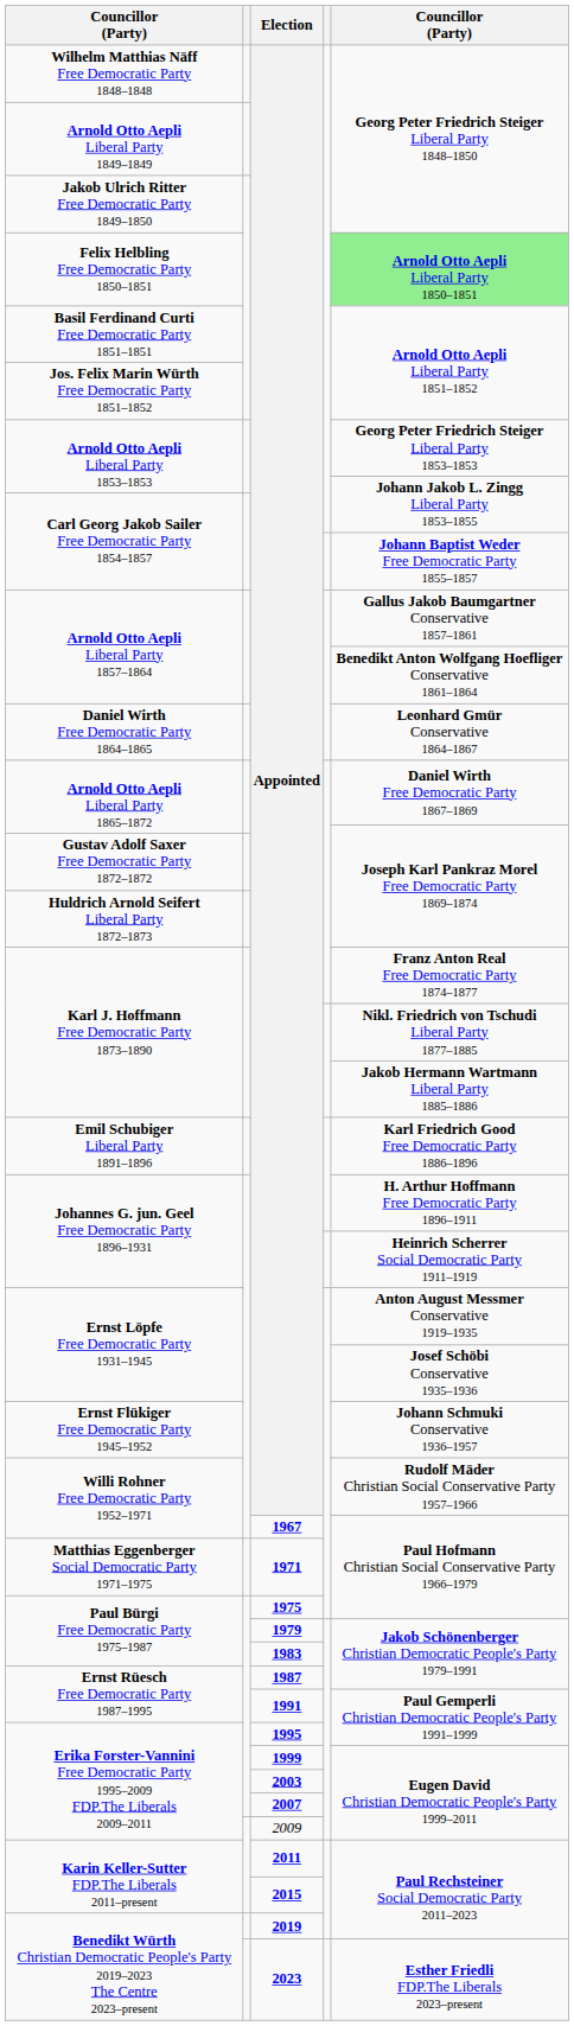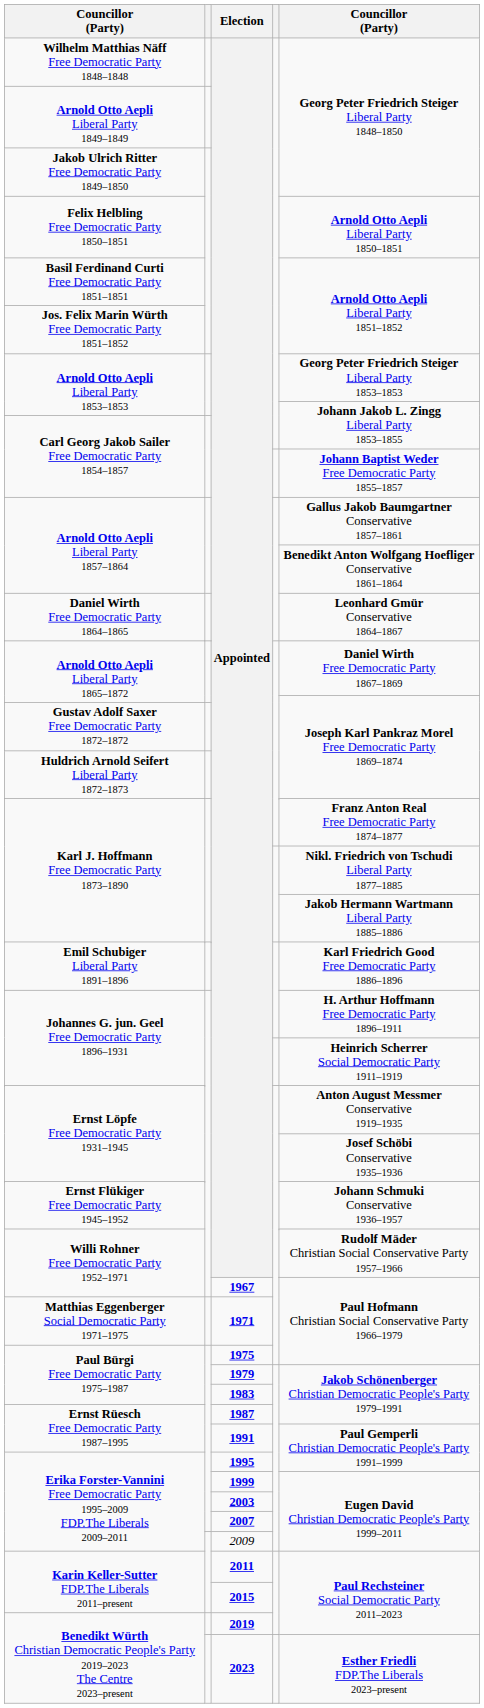 <table class="wikitable" style="text-align:center">
 <tr>
 <th scope="col" width="250" colspan = "1">Councillor<br> (Party)</th>
 <th></th>
 <th>Election</th>
 <th></th>
 <th scope="col" width="250" colspan = "1">Councillor<br> (Party)</th>
 </tr>
 <tr>
 <td rowspan=1><strong>Wilhelm Matthias Näff</strong><br><a href='#'>Free Democratic Party</a><br><small>1848–1848</small></td>
 <td rowspan=1; style="background-color: "></td>
 <th rowspan=34>Appointed</th>
 <td rowspan=9; style="background-color: "></td>
 <td rowspan=3><strong>Georg Peter Friedrich Steiger</strong><br><a href='#'>Liberal Party</a><br><small>1848–1850</small></td>
 </tr>
 <tr>
 <td rowspan=1><br><strong><a href='#'>Arnold Otto Aepli</a></strong><br><a href='#'>Liberal Party</a><br><small>1849–1849</small></td>
 <td rowspan=1; style="background-color: "></td>
 </tr>
 <tr>
 <td rowspan=1><strong>Jakob Ulrich Ritter</strong><br><a href='#'>Free Democratic Party</a><br><small>1849–1850</small></td>
 <td rowspan=4; style="background-color: "></td>
 </tr>
 <tr>
 <td rowspan=1><strong>Felix Helbling</strong><br><a href='#'>Free Democratic Party</a><br><small>1850–1851</small></td>
-<td rowspan=1 style="background: lightgreen;"><br><strong><a href='#'>Arnold Otto Aepli</a></strong><br><a href='#'>Liberal Party</a><br><small>1850–1851</small></td>
+<td rowspan=1><br><strong><a href='#'>Arnold Otto Aepli</a></strong><br><a href='#'>Liberal Party</a><br><small>1850–1851</small></td>
 </tr>
 <tr>
 <td rowspan=1><strong>Basil Ferdinand Curti</strong><br><a href='#'>Free Democratic Party</a><br><small>1851–1851</small></td>
 <td rowspan=2><br><strong><a href='#'>Arnold Otto Aepli</a></strong><br><a href='#'>Liberal Party</a><br><small>1851–1852</small></td>
 </tr>
 <tr>
 <td rowspan=1><strong>Jos. Felix Marin Würth</strong><br><a href='#'>Free Democratic Party</a><br><small>1851–1852</small></td>
 </tr>
 <tr>
 <td rowspan=2><br><strong><a href='#'>Arnold Otto Aepli</a></strong><br><a href='#'>Liberal Party</a><br><small>1853–1853</small></td>
 <td rowspan=2; style="background-color: "></td>
 <td rowspan=1><strong>Georg Peter Friedrich Steiger</strong><br><a href='#'>Liberal Party</a><br><small>1853–1853</small></td>
 </tr>
 <tr>
 <td rowspan=2><strong>Johann Jakob L. Zingg</strong><br><a href='#'>Liberal Party</a><br><small>1853–1855</small></td>
 </tr>
 <tr>
 <td rowspan=2><strong>Carl Georg Jakob Sailer</strong><br><a href='#'>Free Democratic Party</a><br><small>1854–1857</small></td>
 <td rowspan=2; style="background-color: "></td>
 </tr>
 <tr>
 <td rowspan=1; style="background-color: "></td>
 <td rowspan=1><strong><a href='#'>Johann Baptist Weder</a></strong><br><a href='#'>Free Democratic Party</a><br><small>1855–1857</small></td>
 </tr>
 <tr>
 <td rowspan=2><br><strong><a href='#'>Arnold Otto Aepli</a></strong><br><a href='#'>Liberal Party</a><br><small>1857–1864</small></td>
 <td rowspan=2; style="background-color: "></td>
 <td rowspan=4; style="background-color: "></td>
 <td rowspan=1><strong>Gallus Jakob Baumgartner</strong><br>Conservative<br><small>1857–1861</small></td>
 </tr>
 <tr>
 <td rowspan=1><strong>Benedikt Anton Wolfgang Hoefliger</strong><br>Conservative<br><small>1861–1864</small></td>
 </tr>
 <tr>
 <td rowspan=1><strong>Daniel Wirth</strong><br><a href='#'>Free Democratic Party</a><br><small>1864–1865</small></td>
 <td rowspan=1; style="background-color: "></td>
 <td rowspan=2><strong>Leonhard Gmür</strong><br>Conservative<br><small>1864–1867</small></td>
 </tr>
 <tr>
 <td rowspan=3><br><strong><a href='#'>Arnold Otto Aepli</a></strong><br><a href='#'>Liberal Party</a><br><small>1865–1872</small></td>
 <td rowspan=3; style="background-color: "></td>
 </tr>
 <tr>
 <td rowspan=6; style="background-color: "></td>
 <td rowspan=1><strong>Daniel Wirth</strong><br><a href='#'>Free Democratic Party</a><br><small>1867–1869</small></td>
 </tr>
 <tr>
 <td rowspan=4><strong>Joseph Karl Pankraz Morel</strong><br><a href='#'>Free Democratic Party</a><br><small>1869–1874</small></td>
 </tr>
 <tr>
 <td rowspan=1><strong>Gustav Adolf Saxer</strong><br><a href='#'>Free Democratic Party</a><br><small>1872–1872</small></td>
 <td rowspan=1; style="background-color: "></td>
 </tr>
 <tr>
 <td rowspan=1><strong>Huldrich Arnold Seifert</strong><br><a href='#'>Liberal Party</a><br><small>1872–1873</small></td>
 <td rowspan=1; style="background-color: "></td>
 </tr>
 <tr>
 <td rowspan=5><strong>Karl J. Hoffmann</strong><br><a href='#'>Free Democratic Party</a><br><small>1873–1890</small></td>
 <td rowspan=5; style="background-color: "></td>
 </tr>
 <tr>
 <td rowspan=1><strong>Franz Anton Real</strong><br><a href='#'>Free Democratic Party</a><br><small>1874–1877</small></td>
 </tr>
 <tr>
 <td rowspan=2; style="background-color: "></td>
 <td rowspan=1><strong>Nikl. Friedrich von Tschudi</strong><br><a href='#'>Liberal Party</a><br><small>1877–1885</small></td>
 </tr>
 <tr>
 <td rowspan=1><strong>Jakob Hermann Wartmann</strong><br><a href='#'>Liberal Party</a><br><small>1885–1886</small></td>
 </tr>
 <tr>
 <td rowspan=3; style="background-color: "></td>
 <td rowspan=2><strong>Karl Friedrich Good</strong><br><a href='#'>Free Democratic Party</a><br><small>1886–1896</small></td>
 </tr>
 <tr>
 <td rowspan=1><strong>Emil Schubiger</strong><br><a href='#'>Liberal Party</a><br><small>1891–1896</small></td>
 <td rowspan=1; style="background-color: "></td>
 </tr>
 <tr>
 <td rowspan=3><strong>Johannes G. jun. Geel</strong><br><a href='#'>Free Democratic Party</a><br><small>1896–1931</small></td>
 <td rowspan=11; style="background-color: "></td>
 <td rowspan=1><strong>H. Arthur Hoffmann</strong><br><a href='#'>Free Democratic Party</a><br><small>1896–1911</small></td>
 </tr>
 <tr>
 <td rowspan=1; style="background-color: "></td>
 <td rowspan=1><strong>Heinrich Scherrer</strong><br><a href='#'>Social Democratic Party</a><br><small>1911–1919</small></td>
 </tr>
 <tr>
 <td rowspan=11; style="background-color: "></td>
 <td rowspan=2><strong>Anton August Messmer</strong><br>Conservative<br><small>1919–1935</small></td>
 </tr>
 <tr>
 <td rowspan=3><strong>Ernst Löpfe</strong><br><a href='#'>Free Democratic Party</a><br><small>1931–1945</small></td>
 </tr>
 <tr>
 <td rowspan=1><strong>Josef Schöbi</strong><br>Conservative<br><small>1935–1936</small></td>
 </tr>
 <tr>
 <td rowspan=3><strong>Johann Schmuki</strong><br>Conservative<br><small>1936–1957</small></td>
 </tr>
 <tr>
 <td rowspan=1><strong>Ernst Flükiger</strong><br><a href='#'>Free Democratic Party</a><br><small>1945–1952</small></td>
 </tr>
 <tr>
 <td rowspan=4><strong>Willi Rohner</strong><br><a href='#'>Free Democratic Party</a><br><small>1952–1971</small></td>
 </tr>
 <tr>
 <td rowspan=1><strong>Rudolf Mäder</strong><br>Christian Social Conservative Party<br><small>1957–1966</small></td>
 </tr>
 <tr>
 <td rowspan=4><strong>Paul Hofmann</strong><br>Christian Social Conservative Party<br><small>1966–1979</small></td>
 </tr>
 <tr>
 <td><strong><a href='#'>1967</a></strong></td>
 </tr>
 <tr>
 <td rowspan=1><strong>Matthias Eggenberger</strong><br><a href='#'>Social Democratic Party</a><br><small>1971–1975</small></td>
 <td rowspan=1; style="background-color: "></td>
 <td><strong><a href='#'>1971</a></strong></td>
 </tr>
 <tr>
 <td rowspan=3><strong>Paul Bürgi</strong><br><a href='#'>Free Democratic Party</a><br><small>1975–1987</small></td>
 <td rowspan=9; style="background-color: "></td>
 <td><strong><a href='#'>1975</a></strong></td>
 </tr>
 <tr>
 <td><strong><a href='#'>1979</a></strong></td>
 <td rowspan=9; style="background-color: "></td>
 <td rowspan=3><strong><a href='#'>Jakob Schönenberger</a></strong><br><a href='#'>Christian Democratic People's Party</a><br><small>1979–1991</small></td>
 </tr>
 <tr>
 <td><strong><a href='#'>1983</a></strong></td>
 </tr>
 <tr>
 <td rowspan=2><strong>Ernst Rüesch</strong><br><a href='#'>Free Democratic Party</a><br><small>1987–1995</small></td>
 <td><strong><a href='#'>1987</a></strong></td>
 </tr>
 <tr>
 <td><strong><a href='#'>1991</a></strong></td>
 <td rowspan=2><strong>Paul Gemperli</strong><br><a href='#'>Christian Democratic People's Party</a><br><small>1991–1999</small></td>
 </tr>
 <tr>
 <td rowspan=5><br><strong><a href='#'>Erika Forster-Vannini</a></strong><br><a href='#'>Free Democratic Party</a><br><small>1995–2009</small><br><a href='#'>FDP.The Liberals</a><br><small>2009–2011</small></td>
 <td><strong><a href='#'>1995</a></strong></td>
 </tr>
 <tr>
 <td><strong><a href='#'>1999</a></strong></td>
 <td rowspan=4><br><strong>Eugen David</strong><br><a href='#'>Christian Democratic People's Party</a><br><small>1999–2011</small></td>
 </tr>
 <tr>
 <td><strong><a href='#'>2003</a></strong></td>
 </tr>
 <tr>
 <td><strong><a href='#'>2007</a></strong></td>
 </tr>
 <tr>
 <td rowspan=3; style="background-color: "></td>
 <td><em>2009</em></td>
 </tr>
 <tr>
 <td rowspan=2><br><strong><a href='#'>Karin Keller-Sutter</a></strong><br><a href='#'>FDP.The Liberals</a><br><small>2011–present</small></td>
 <td><strong><a href='#'>2011</a></strong></td>
 <td rowspan=3; style="background-color: "></td>
 <td rowspan=3><br><strong><a href='#'>Paul Rechsteiner</a></strong><br><a href='#'>Social Democratic Party</a><br><small>2011–2023</small></td>
 </tr>
 <tr>
 <td><strong><a href='#'>2015</a></strong></td>
 </tr>
 <tr>
 <td rowspan=2><br><strong><a href='#'>Benedikt Würth</a></strong><br><a href='#'>Christian Democratic People's Party</a><br><small>2019–2023</small><br><a href='#'>The Centre</a><br><small>2023–present</small></td>
 <td rowspan=1; style="background-color: "></td>
 <td><strong><a href='#'>2019</a></strong></td>
 </tr>
 <tr>
 <td rowspan=1; style="background-color: "></td>
 <td><strong><a href='#'>2023</a></strong></td>
 <td rowspan=1; style="background-color: "></td>
 <td rowspan=1><br><strong><a href='#'>Esther Friedli</a></strong><br><a href='#'>FDP.The Liberals</a><br><small>2023–present</small></td>
 </tr>
 </table>
